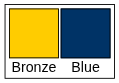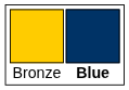 <table style="float:right; border:1px solid #000; padding:2px;">
 <tr>
 <td style="background:#FFCC00; width:50px; height:50px; padding:2px; border:1px solid #000;"> </td>
 <td style="background:#003366; width:50px; height:50px; padding:2px; border:1px solid #000;"> </td>
 </tr>
 <tr style="line-height:90%; text-align:center;">
 <td>Bronze</td>
-<td>Blue</td>
+<td><strong>Blue</strong></td>
 </tr>
 </table>
